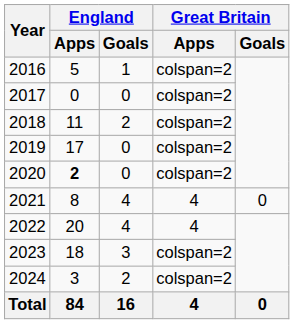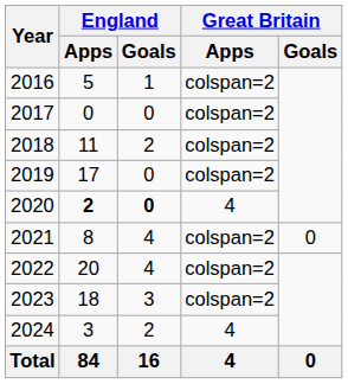 <table class="wikitable" style="text-align:center">
 <tr>
 <th rowspan=2>Year</th>
 <th colspan=2><a href='#'>England</a></th>
 <th colspan=2><a href='#'>Great Britain</a></th>
 </tr>
 <tr>
 <th>Apps</th>
 <th>Goals</th>
 <th>Apps</th>
 <th>Goals</th>
 </tr>
 <tr>
 <td>2016</td>
 <td>5</td>
 <td>1</td>
 <td>colspan=2</td>
 </tr>
 <tr>
 <td>2017</td>
 <td>0</td>
 <td>0</td>
 <td>colspan=2</td>
 </tr>
 <tr>
 <td>2018</td>
 <td>11</td>
 <td>2</td>
 <td>colspan=2</td>
 </tr>
 <tr>
 <td>2019</td>
 <td>17</td>
 <td>0</td>
 <td>colspan=2</td>
 </tr>
 <tr>
 <td>2020</td>
 <td><strong>2</strong></td>
-<td>0</td>
-<td>colspan=2</td>
+<td><strong>0</strong></td>
+<td>4</td>
 </tr>
 <tr>
 <td>2021</td>
 <td>8</td>
 <td>4</td>
-<td>4</td>
+<td>colspan=2</td>
 <td>0</td>
 </tr>
 <tr>
 <td>2022</td>
 <td>20</td>
 <td>4</td>
-<td>4</td>
+<td>colspan=2</td>
 </tr>
 <tr>
 <td>2023</td>
 <td>18</td>
 <td>3</td>
 <td>colspan=2</td>
 </tr>
 <tr>
 <td>2024</td>
 <td>3</td>
 <td>2</td>
-<td>colspan=2</td>
+<td>4</td>
 </tr>
 <tr>
 <th>Total</th>
 <th>84</th>
 <th>16</th>
 <th>4</th>
 <th>0</th>
 </tr>
 </table>
